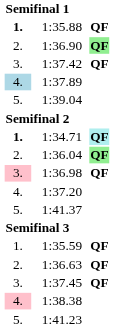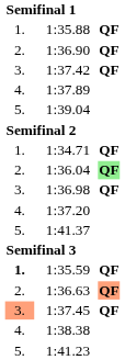 <table style="text-align:center">
 <tr>
 <td colspan=4 align=left><strong>Semifinal 1</strong></td>
 </tr>
 <tr>
-<td width=30><strong>1.</strong></td>
+<td width=30>1.</td>
 <td align=left></td>
 <td width=60>1:35.88</td>
 <td><strong>QF</strong></td>
 </tr>
 <tr>
 <td>2.</td>
 <td align=left></td>
 <td>1:36.90</td>
-<td style="background: lightgreen;"><strong>QF</strong></td>
+<td><strong>QF</strong></td>
 </tr>
 <tr>
 <td>3.</td>
 <td align=left></td>
 <td>1:37.42</td>
 <td><strong>QF</strong></td>
 </tr>
 <tr>
-<td style="background: lightblue;">4.</td>
+<td>4.</td>
 <td align=left></td>
 <td>1:37.89</td>
 <td></td>
 </tr>
 <tr>
 <td>5.</td>
 <td align=left></td>
 <td>1:39.04</td>
 <td></td>
 </tr>
 <tr>
 <td colspan=4 align=left><strong>Semifinal 2</strong></td>
 </tr>
 <tr>
-<td width=30><strong>1.</strong></td>
+<td width=30>1.</td>
 <td align=left></td>
 <td width=60>1:34.71</td>
-<td style="background: paleturquoise;"><strong>QF</strong></td>
+<td><strong>QF</strong></td>
 </tr>
 <tr>
 <td>2.</td>
 <td align=left></td>
 <td>1:36.04</td>
 <td style="background: lightgreen;"><strong>QF</strong></td>
 </tr>
 <tr>
-<td style="background: pink;">3.</td>
+<td>3.</td>
 <td align=left></td>
 <td>1:36.98</td>
 <td><strong>QF</strong></td>
 </tr>
 <tr>
 <td>4.</td>
 <td align=left></td>
 <td>1:37.20</td>
 <td></td>
 </tr>
 <tr>
 <td>5.</td>
 <td align=left></td>
 <td>1:41.37</td>
 <td></td>
 </tr>
 <tr>
 <td colspan=4 align=left><strong>Semifinal 3</strong></td>
 </tr>
 <tr>
-<td width=30>1.</td>
+<td width=30><strong>1.</strong></td>
 <td align=left></td>
 <td width=60>1:35.59</td>
 <td><strong>QF</strong></td>
 </tr>
 <tr>
 <td>2.</td>
 <td align=left></td>
 <td>1:36.63</td>
-<td><strong>QF</strong></td>
+<td style="background: lightsalmon;"><strong>QF</strong></td>
 </tr>
 <tr>
-<td>3.</td>
+<td style="background: lightsalmon;">3.</td>
 <td align=left></td>
 <td>1:37.45</td>
 <td><strong>QF</strong></td>
 </tr>
 <tr>
-<td style="background: pink;">4.</td>
+<td>4.</td>
 <td align=left></td>
 <td>1:38.38</td>
 <td></td>
 </tr>
 <tr>
 <td>5.</td>
 <td align=left></td>
 <td>1:41.23</td>
 <td></td>
 </tr>
 </table>
